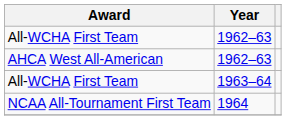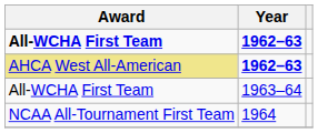 <table class="wikitable">
 <tr>
 <th>Award</th>
 <th>Year</th>
 <th></th>
 </tr>
 <tr>
-<td>All-<a href='#'>WCHA</a> <a href='#'>First Team</a></td>
-<td><a href='#'>1962–63</a></td>
+<td><strong>All-<a href='#'>WCHA</a> <a href='#'>First Team</a></strong></td>
+<td><strong><a href='#'>1962–63</a></strong></td>
 <td></td>
 </tr>
 <tr>
-<td><a href='#'>AHCA</a> <a href='#'>West All-American</a></td>
-<td><a href='#'>1962–63</a></td>
+<td style="background: khaki;"><a href='#'>AHCA</a> <a href='#'>West All-American</a></td>
+<td><strong><a href='#'>1962–63</a></strong></td>
 <td></td>
 </tr>
 <tr>
 <td>All-<a href='#'>WCHA</a> <a href='#'>First Team</a></td>
 <td><a href='#'>1963–64</a></td>
 <td></td>
 </tr>
 <tr>
 <td><a href='#'>NCAA</a> <a href='#'>All-Tournament First Team</a></td>
 <td><a href='#'>1964</a></td>
 <td></td>
 </tr>
 <tr>
 </tr>
 </table>
